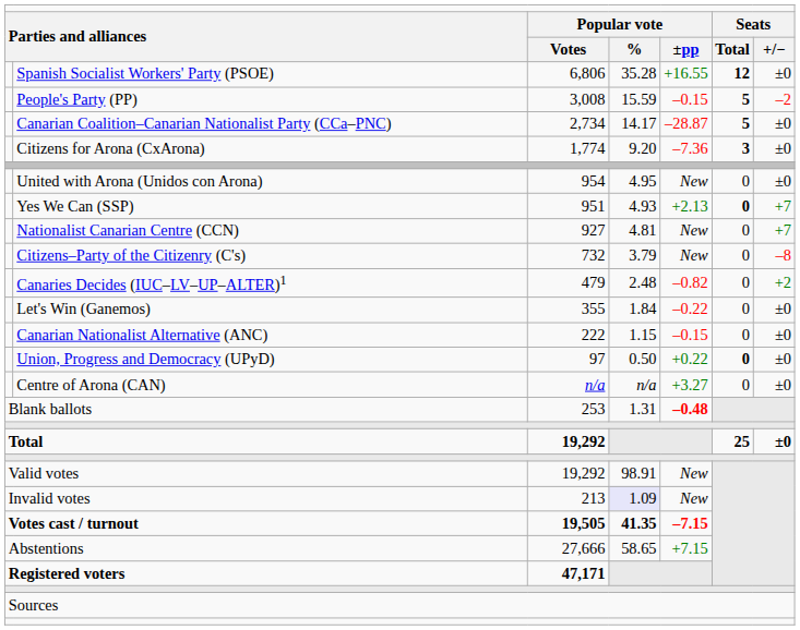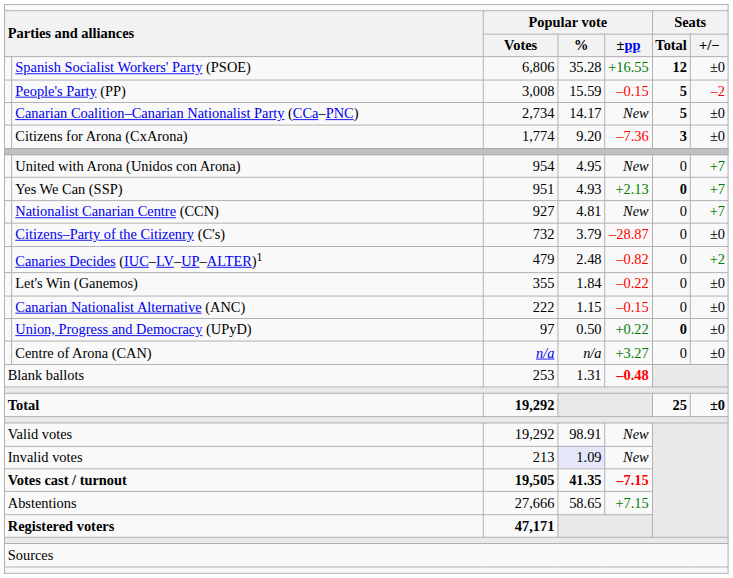 <table class="wikitable" style="text-align:right;">
 <tr>
 <td colspan="7"></td>
 </tr>
 <tr>
 <th style="text-align:left;" rowspan="2" colspan="2" width="525">Parties and alliances</th>
 <th colspan="3">Popular vote</th>
 <th colspan="2">Seats</th>
 </tr>
 <tr>
 <th width="75">Votes</th>
 <th width="45">%</th>
 <th width="45">±<a href='#'>pp</a></th>
 <th width="35">Total</th>
 <th width="35">+/−</th>
 </tr>
 <tr>
 <td width="1" style="color:inherit;background:"></td>
 <td align="left"><a href='#'>Spanish Socialist Workers' Party</a> (PSOE)</td>
 <td>6,806</td>
 <td>35.28</td>
 <td style="color:green;">+16.55</td>
 <td><strong>12</strong></td>
 <td>±0</td>
 </tr>
 <tr>
 <td style="color:inherit;background:"></td>
 <td align="left"><a href='#'>People's Party</a> (PP)</td>
 <td>3,008</td>
 <td>15.59</td>
 <td style="color:red;">–0.15</td>
 <td><strong>5</strong></td>
 <td style="color:red;">–2</td>
 </tr>
 <tr>
 <td style="color:inherit;background:"></td>
 <td align="left"><a href='#'>Canarian Coalition–Canarian Nationalist Party</a> (<a href='#'>CCa</a>–<a href='#'>PNC</a>)</td>
 <td>2,734</td>
 <td>14.17</td>
-<td style="color:red;">–28.87</td>
+<td><em>New</em></td>
 <td><strong>5</strong></td>
 <td>±0</td>
 </tr>
 <tr>
 <td style="color:inherit;background:"></td>
 <td align="left">Citizens for Arona (CxArona)</td>
 <td>1,774</td>
 <td>9.20</td>
 <td style="color:red;">–7.36</td>
 <td><strong>3</strong></td>
 <td>±0</td>
 </tr>
 <tr>
 <td colspan="7" bgcolor="#C0C0C0"></td>
 </tr>
 <tr>
 <td style="color:inherit;background:"></td>
 <td align="left">United with Arona (Unidos con Arona)</td>
 <td>954</td>
 <td>4.95</td>
 <td><em>New</em></td>
 <td>0</td>
-<td>±0</td>
+<td style="color:green;">+7</td>
 </tr>
 <tr>
 <td style="color:inherit;background:"></td>
 <td align="left">Yes We Can (SSP)</td>
 <td>951</td>
 <td>4.93</td>
 <td style="color:green;">+2.13</td>
 <td><strong>0</strong></td>
 <td style="color:green;">+7</td>
 </tr>
 <tr>
 <td style="color:inherit;background:"></td>
 <td align="left"><a href='#'>Nationalist Canarian Centre</a> (CCN)</td>
 <td>927</td>
 <td>4.81</td>
 <td><em>New</em></td>
 <td>0</td>
 <td style="color:green;">+7</td>
 </tr>
 <tr>
 <td style="color:inherit;background:"></td>
 <td align="left"><a href='#'>Citizens–Party of the Citizenry</a> (C's)</td>
 <td>732</td>
 <td>3.79</td>
-<td><em>New</em></td>
+<td style="color:red;">–28.87</td>
 <td>0</td>
-<td style="color:red;">–8</td>
+<td>±0</td>
 </tr>
 <tr>
 <td style="color:inherit;background:"></td>
 <td align="left"><a href='#'>Canaries Decides</a> (<a href='#'>IUC</a>–<a href='#'>LV</a>–<a href='#'>UP</a>–<a href='#'>ALTER</a>)<sup>1</sup></td>
 <td>479</td>
 <td>2.48</td>
 <td style="color:red;">–0.82</td>
 <td>0</td>
 <td style="color:green;">+2</td>
 </tr>
 <tr>
 <td style="color:inherit;background:"></td>
 <td align="left">Let's Win (Ganemos)</td>
 <td>355</td>
 <td>1.84</td>
 <td style="color:red;">–0.22</td>
 <td>0</td>
 <td>±0</td>
 </tr>
 <tr>
 <td style="color:inherit;background:"></td>
 <td align="left"><a href='#'>Canarian Nationalist Alternative</a> (ANC)</td>
 <td>222</td>
 <td>1.15</td>
 <td style="color:red;">–0.15</td>
 <td>0</td>
 <td>±0</td>
 </tr>
 <tr>
 <td style="color:inherit;background:"></td>
 <td align="left"><a href='#'>Union, Progress and Democracy</a> (UPyD)</td>
 <td>97</td>
 <td>0.50</td>
 <td style="color:green;">+0.22</td>
 <td><strong>0</strong></td>
 <td>±0</td>
 </tr>
 <tr>
 <td style="color:inherit;background:"></td>
 <td align="left">Centre of Arona (CAN)</td>
 <td><em><a href='#'>n/a</a></em></td>
 <td><em>n/a</em></td>
 <td style="color:green;">+3.27</td>
 <td>0</td>
 <td>±0</td>
 </tr>
 <tr>
 <td align="left" colspan="2">Blank ballots</td>
 <td>253</td>
 <td>1.31</td>
 <td style="color:red;"><strong>–0.48</strong></td>
 <td bgcolor="#E9E9E9" colspan="2"></td>
 </tr>
 <tr>
 <td colspan="7" bgcolor="#E9E9E9"></td>
 </tr>
 <tr style="font-weight:bold;">
 <td align="left" colspan="2">Total</td>
 <td>19,292</td>
 <td bgcolor="#E9E9E9" colspan="2"></td>
 <td>25</td>
 <td>±0</td>
 </tr>
 <tr>
 <td colspan="7" bgcolor="#E9E9E9"></td>
 </tr>
 <tr>
 <td align="left" colspan="2">Valid votes</td>
 <td>19,292</td>
 <td>98.91</td>
 <td><em>New</em></td>
 <td bgcolor="#E9E9E9" colspan="2" rowspan="5"></td>
 </tr>
 <tr>
 <td align="left" colspan="2">Invalid votes</td>
 <td>213</td>
 <td style="background: lavender;">1.09</td>
 <td><em>New</em></td>
 </tr>
 <tr style="font-weight:bold;">
 <td align="left" colspan="2">Votes cast / turnout</td>
 <td>19,505</td>
 <td>41.35</td>
 <td style="color:red;">–7.15</td>
 </tr>
 <tr>
 <td align="left" colspan="2">Abstentions</td>
 <td>27,666</td>
 <td>58.65</td>
 <td style="color:green;">+7.15</td>
 </tr>
 <tr style="font-weight:bold;">
 <td align="left" colspan="2">Registered voters</td>
 <td>47,171</td>
 <td bgcolor="#E9E9E9" colspan="2"></td>
 </tr>
 <tr>
 <td colspan="7" bgcolor="#E9E9E9"></td>
 </tr>
 <tr>
 <td align="left" colspan="7">Sources</td>
 </tr>
 <tr>
 <td colspan="7" style="text-align:left; max-width:790px;"></td>
 </tr>
 </table>
